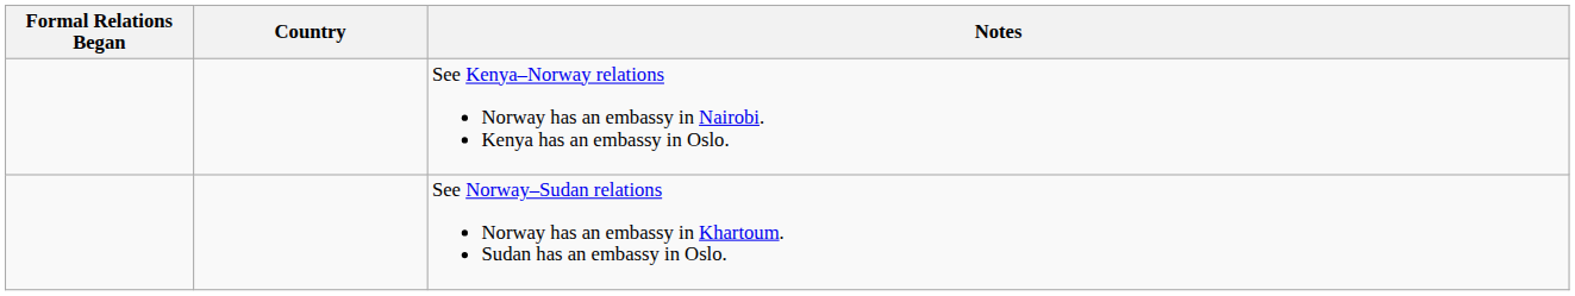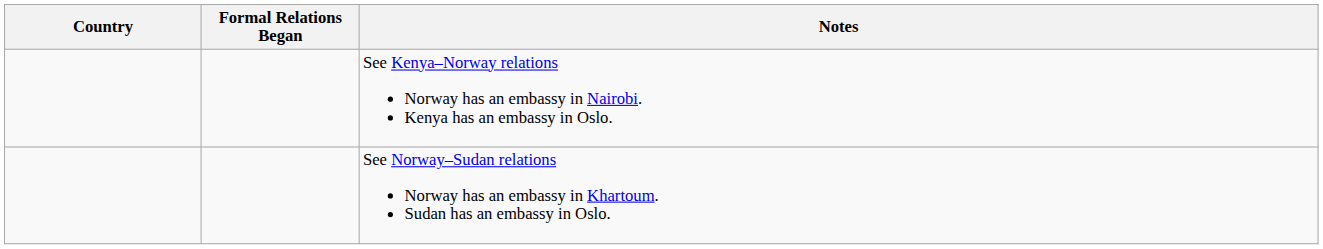 <table class="wikitable sortable" style="width:100%; margin:auto;">
 <tr>
+<th style="width:15%;">Country</th>
 <th style="width:12%;">Formal Relations Began</th>
-<th style="width:15%;">Country</th>
 <th>Notes</th>
 </tr>
 <tr valign="top">
 <td></td>
 <td></td>
 <td>See <a href='#'>Kenya–Norway relations</a><br><ul><li>Norway has an embassy in <a href='#'>Nairobi</a>.</li><li>Kenya has an embassy in Oslo.</li></ul></td>
 </tr>
 <tr valign="top">
 <td></td>
 <td></td>
 <td>See <a href='#'>Norway–Sudan relations</a><br><ul><li>Norway has an embassy in <a href='#'>Khartoum</a>.</li><li>Sudan has an embassy in Oslo.</li></ul></td>
 </tr>
 </table>
